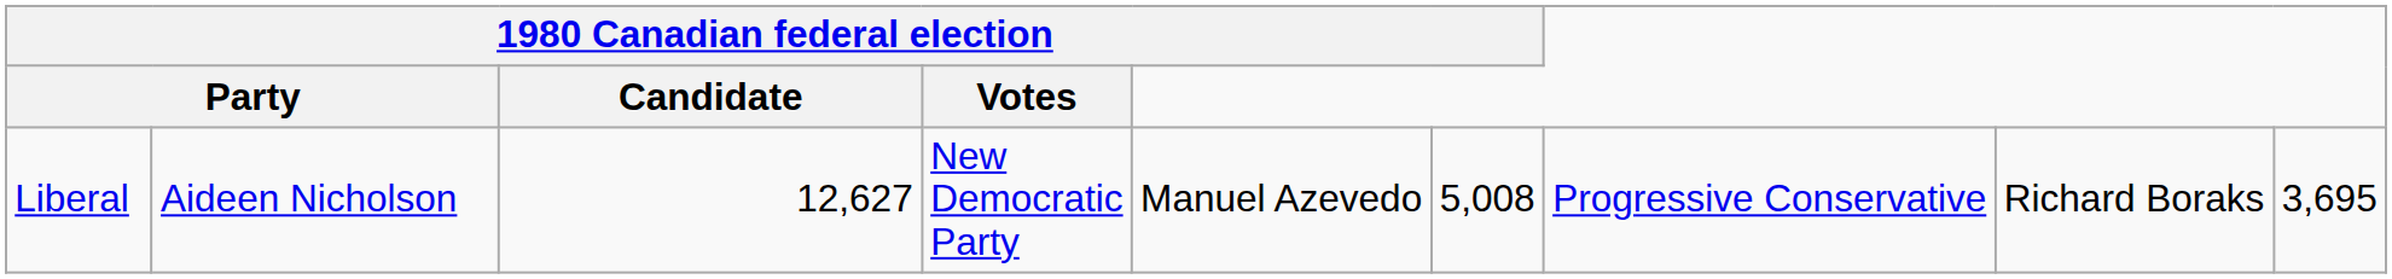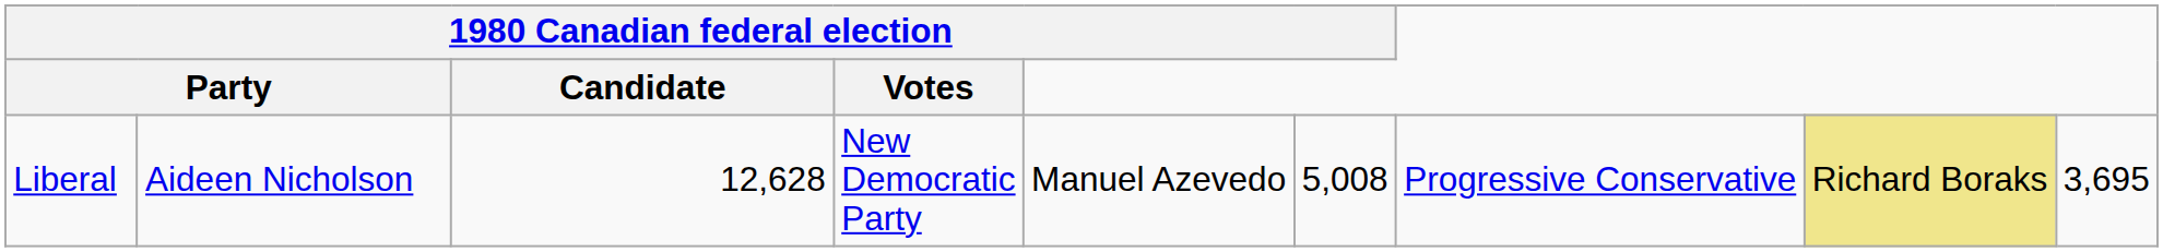 <table class="wikitable">
 <tr style="background:#e9e9e9;">
 <th colspan="6"><a href='#'>1980 Canadian federal election</a></th>
 </tr>
 <tr style="background:#e9e9e9;">
 <th colspan="2" style="width: 200px">Party</th>
 <th style="width: 170px">Candidate</th>
 <th style="width: 40px">Votes</th>
 </tr>
 <tr>
 <td><a href='#'>Liberal</a></td>
 <td><a href='#'>Aideen Nicholson</a></td>
-<td align="right">12,627<br></td>
+<td align="right">12,628<br></td>
 <td><a href='#'>New Democratic Party</a></td>
 <td>Manuel Azevedo</td>
 <td align="right">5,008<br></td>
 <td><a href='#'>Progressive Conservative</a></td>
-<td>Richard Boraks</td>
+<td style="background: khaki;">Richard Boraks</td>
 <td align="right">3,695<br>  </td>
 </tr>
 </table>
